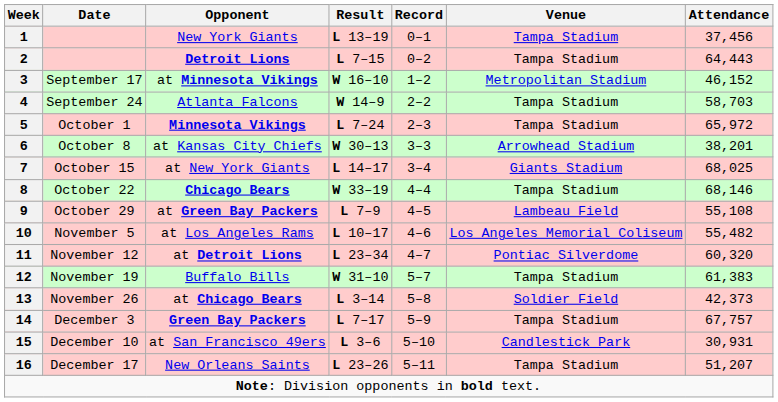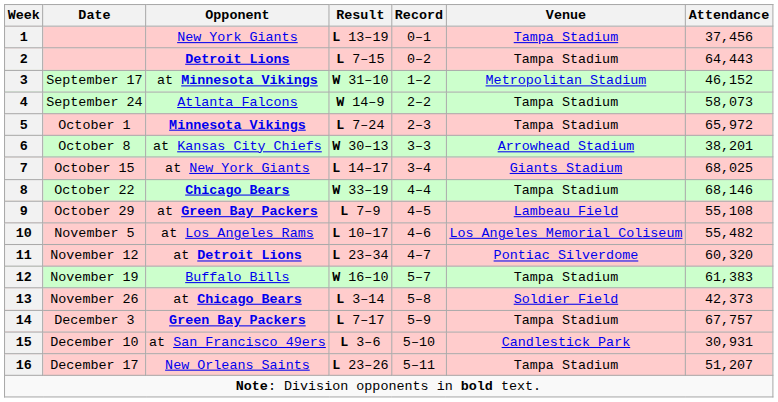 <table class="wikitable" style="text-align:center;">
 <tr>
 <th>Week</th>
 <th>Date</th>
 <th>Opponent</th>
 <th>Result</th>
 <th>Record</th>
 <th>Venue</th>
 <th>Attendance</th>
 </tr>
 <tr style="background:#fcc">
 <th>1</th>
 <td></td>
 <td><a href='#'>New York Giants</a></td>
 <td><strong>L</strong> 13–19</td>
 <td>0–1</td>
 <td><a href='#'>Tampa Stadium</a></td>
 <td>37,456</td>
 </tr>
 <tr style="background:#fcc">
 <th>2</th>
 <td></td>
 <td><strong><a href='#'>Detroit Lions</a></strong></td>
 <td><strong>L</strong> 7–15</td>
 <td>0–2</td>
 <td>Tampa Stadium</td>
 <td>64,443</td>
 </tr>
 <tr style="background:#cfc">
 <th>3</th>
 <td>September 17</td>
 <td>at <strong><a href='#'>Minnesota Vikings</a></strong></td>
-<td><strong>W</strong> 16–10</td>
+<td><strong>W</strong> 31–10</td>
 <td>1–2</td>
 <td><a href='#'>Metropolitan Stadium</a></td>
 <td>46,152</td>
 </tr>
 <tr style="background:#cfc">
 <th>4</th>
 <td>September 24</td>
 <td><a href='#'>Atlanta Falcons</a></td>
 <td><strong>W</strong> 14–9</td>
 <td>2–2</td>
 <td>Tampa Stadium</td>
-<td>58,703</td>
+<td>58,073</td>
 </tr>
 <tr style="background:#fcc">
 <th>5</th>
 <td>October 1</td>
 <td><strong><a href='#'>Minnesota Vikings</a></strong></td>
 <td><strong>L</strong> 7–24</td>
 <td>2–3</td>
 <td>Tampa Stadium</td>
 <td>65,972</td>
 </tr>
 <tr style="background:#cfc">
 <th>6</th>
 <td>October 8</td>
 <td>at <a href='#'>Kansas City Chiefs</a></td>
 <td><strong>W</strong> 30–13</td>
 <td>3–3</td>
 <td><a href='#'>Arrowhead Stadium</a></td>
 <td>38,201</td>
 </tr>
 <tr style="background:#fcc">
 <th>7</th>
 <td>October 15</td>
 <td>at <a href='#'>New York Giants</a></td>
 <td><strong>L</strong> 14–17</td>
 <td>3–4</td>
 <td><a href='#'>Giants Stadium</a></td>
 <td>68,025</td>
 </tr>
 <tr style="background:#cfc">
 <th>8</th>
 <td>October 22</td>
 <td><strong><a href='#'>Chicago Bears</a></strong></td>
 <td><strong>W</strong> 33–19</td>
 <td>4–4</td>
 <td>Tampa Stadium</td>
 <td>68,146</td>
 </tr>
 <tr style="background:#fcc">
 <th>9</th>
 <td>October 29</td>
 <td>at <strong><a href='#'>Green Bay Packers</a></strong></td>
 <td><strong>L</strong> 7–9</td>
 <td>4–5</td>
 <td><a href='#'>Lambeau Field</a></td>
 <td>55,108</td>
 </tr>
 <tr style="background:#fcc">
 <th>10</th>
 <td>November 5</td>
 <td>at <a href='#'>Los Angeles Rams</a></td>
 <td><strong>L</strong> 10–17</td>
 <td>4–6</td>
 <td><a href='#'>Los Angeles Memorial Coliseum</a></td>
 <td>55,482</td>
 </tr>
 <tr style="background:#fcc">
 <th>11</th>
 <td>November 12</td>
 <td>at <strong><a href='#'>Detroit Lions</a></strong></td>
 <td><strong>L</strong> 23–34</td>
 <td>4–7</td>
 <td><a href='#'>Pontiac Silverdome</a></td>
 <td>60,320</td>
 </tr>
 <tr style="background:#cfc">
 <th>12</th>
 <td>November 19</td>
 <td><a href='#'>Buffalo Bills</a></td>
-<td><strong>W</strong> 31–10</td>
+<td><strong>W</strong> 16–10</td>
 <td>5–7</td>
 <td>Tampa Stadium</td>
 <td>61,383</td>
 </tr>
 <tr style="background:#fcc">
 <th>13</th>
 <td>November 26</td>
 <td>at <strong><a href='#'>Chicago Bears</a></strong></td>
 <td><strong>L</strong> 3–14</td>
 <td>5–8</td>
 <td><a href='#'>Soldier Field</a></td>
 <td>42,373</td>
 </tr>
 <tr style="background:#fcc">
 <th>14</th>
 <td>December 3</td>
 <td><strong><a href='#'>Green Bay Packers</a></strong></td>
 <td><strong>L</strong> 7–17</td>
 <td>5–9</td>
 <td>Tampa Stadium</td>
 <td>67,757</td>
 </tr>
 <tr style="background:#fcc">
 <th>15</th>
 <td>December 10</td>
 <td>at <a href='#'>San Francisco 49ers</a></td>
 <td><strong>L</strong> 3–6</td>
 <td>5–10</td>
 <td><a href='#'>Candlestick Park</a></td>
 <td>30,931</td>
 </tr>
 <tr style="background:#fcc">
 <th>16</th>
 <td>December 17</td>
 <td><a href='#'>New Orleans Saints</a></td>
 <td><strong>L</strong> 23–26</td>
 <td>5–11</td>
 <td>Tampa Stadium</td>
 <td>51,207</td>
 </tr>
 <tr>
 <td colspan="7"><strong>Note</strong>: Division opponents in <strong>bold</strong> text.</td>
 </tr>
 </table>
